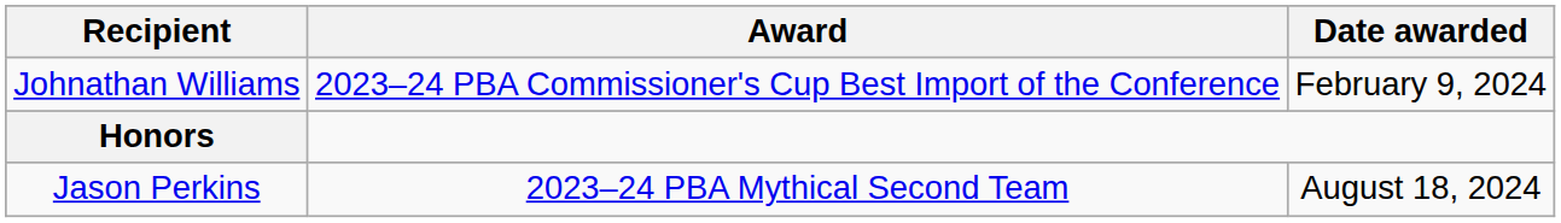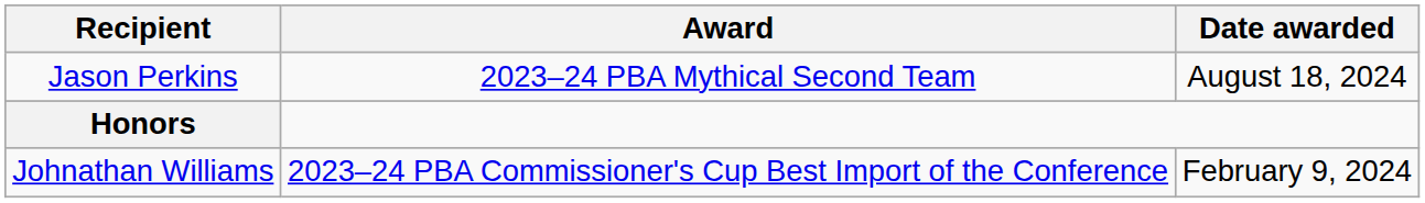 <table class="wikitable sortable sortable" style="text-align: center">
 <tr>
 <th>Recipient</th>
 <th>Award</th>
 <th>Date awarded</th>
 </tr>
 <tr>
-<td><a href='#'>Johnathan Williams</a></td>
-<td><a href='#'>2023–24 PBA Commissioner's Cup Best Import of the Conference</a></td>
-<td>February 9, 2024</td>
+<td><a href='#'>Jason Perkins</a></td>
+<td><a href='#'>2023–24 PBA Mythical Second Team</a></td>
+<td>August 18, 2024</td>
 </tr>
 <tr>
 <th>Honors</th>
 </tr>
 <tr>
-<td><a href='#'>Jason Perkins</a></td>
-<td><a href='#'>2023–24 PBA Mythical Second Team</a></td>
-<td>August 18, 2024</td>
+<td><a href='#'>Johnathan Williams</a></td>
+<td><a href='#'>2023–24 PBA Commissioner's Cup Best Import of the Conference</a></td>
+<td>February 9, 2024</td>
 </tr>
 </table>
